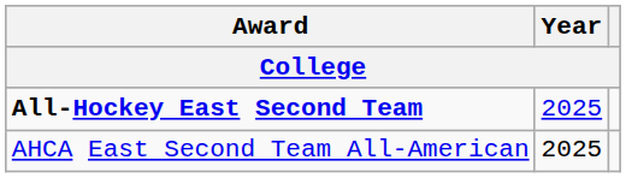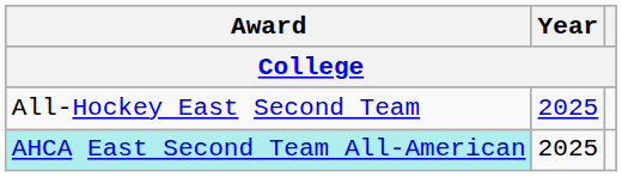 <table class="wikitable">
 <tr>
 <th>Award</th>
 <th>Year</th>
 <th></th>
 </tr>
 <tr>
 <th colspan="3"><a href='#'>College</a></th>
 </tr>
 <tr>
-<td><strong>All-<a href='#'>Hockey East</a> <a href='#'>Second Team</a></strong></td>
+<td>All-<a href='#'>Hockey East</a> <a href='#'>Second Team</a></td>
 <td><a href='#'>2025</a></td>
 <td></td>
 </tr>
 <tr>
-<td><a href='#'>AHCA</a> <a href='#'>East Second Team All-American</a></td>
+<td style="background: paleturquoise;"><a href='#'>AHCA</a> <a href='#'>East Second Team All-American</a></td>
 <td>2025</td>
 <td></td>
 </tr>
 </table>
